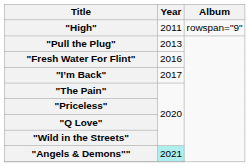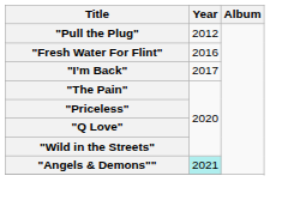 <table class="wikitable plainrowheaders" style="text-align:center;">
 <tr>
 <th scope="col" rowspan="1" style="width:15em;">Title</th>
 <th scope="col" rowspan="1">Year</th>
 <th scope="col" rowspan="1">Album</th>
 </tr>
 <tr>
-<th scope="row">"High"</th>
-<td>2011</td>
-<td>rowspan="9" </td>
-</tr>
-<tr>
 <th scope="row">"Pull the Plug" </th>
-<td>2013</td>
+<td>2012</td>
 </tr>
 <tr>
 <th scope="row">"Fresh Water For Flint" </th>
 <td>2016</td>
 </tr>
 <tr>
 <th scope="row">"I’m Back" </th>
 <td>2017</td>
 </tr>
 <tr>
 <th scope="row">"The Pain"</th>
 <td rowspan="4">2020</td>
 </tr>
 <tr>
 <th scope="row">"Priceless"</th>
 </tr>
 <tr>
 <th scope="row">"Q Love"</th>
 </tr>
 <tr>
 <th scope="row">"Wild in the Streets"<br></th>
 </tr>
 <tr>
 <th scope="row">"Angels & Demons""<br></th>
 <td rowspan="1" style="background: paleturquoise;">2021</td>
 </tr>
 <tr>
 </tr>
 </table>
